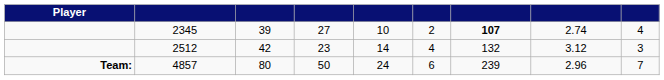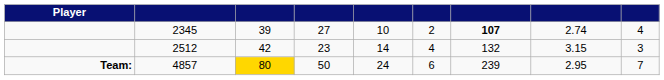 <table class="wikitable sortable" style="width:60%; text-align:center;">
 <tr>
 <th style="color:white; background:#081073; ">Player</th>
 <th style="color:white; background:#081073; "></th>
 <th style="color:white; background:#081073; "></th>
 <th style="color:white; background:#081073; "></th>
 <th style="color:white; background:#081073; "></th>
 <th style="color:white; background:#081073; "></th>
 <th style="color:white; background:#081073; "></th>
 <th style="color:white; background:#081073; "></th>
 <th style="color:white; background:#081073; "></th>
 </tr>
 <tr align="center">
 <td align="right"></td>
 <td>2345</td>
 <td>39</td>
 <td>27</td>
 <td>10</td>
 <td>2</td>
 <td><strong>107</strong></td>
 <td>2.74</td>
 <td>4</td>
 </tr>
 <tr align="center">
 <td align="right"></td>
 <td>2512</td>
 <td>42</td>
 <td>23</td>
 <td>14</td>
 <td>4</td>
 <td>132</td>
-<td>3.12</td>
+<td>3.15</td>
 <td>3</td>
 </tr>
 <tr align="center">
 <td align="right"><strong>Team:</strong></td>
 <td>4857</td>
-<td>80</td>
+<td style="background: gold;">80</td>
 <td>50</td>
 <td>24</td>
 <td>6</td>
 <td>239</td>
-<td>2.96</td>
+<td>2.95</td>
 <td>7</td>
 </tr>
 </table>
